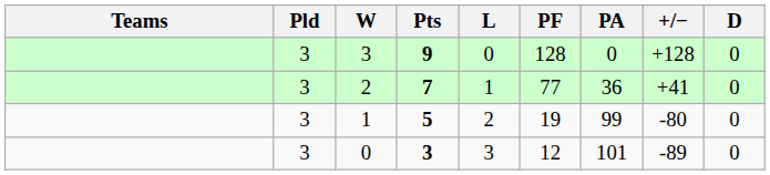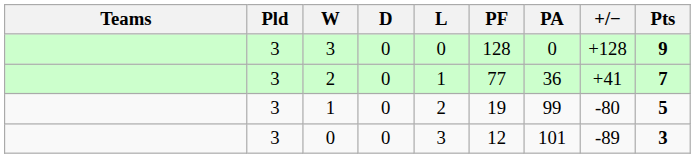 <table class="wikitable" style="text-align: center;">
 <tr>
 <th width="200">Teams</th>
 <th width="40">Pld</th>
 <th width="40">W</th>
-<th width="40">Pts</th>
+<th width="40">D</th>
 <th width="40">L</th>
 <th width="40">PF</th>
 <th width="40">PA</th>
 <th width="40">+/−</th>
-<th width="40">D</th>
+<th width="40">Pts</th>
 </tr>
 <tr bgcolor=#ccffcc>
 <td align=left></td>
 <td>3</td>
 <td>3</td>
-<td><strong>9</strong></td>
+<td>0</td>
 <td>0</td>
 <td>128</td>
 <td>0</td>
 <td>+128</td>
-<td>0</td>
+<td><strong>9</strong></td>
 </tr>
 <tr bgcolor=#ccffcc>
 <td align=left></td>
 <td>3</td>
 <td>2</td>
-<td><strong>7</strong></td>
+<td>0</td>
 <td>1</td>
 <td>77</td>
 <td>36</td>
 <td>+41</td>
-<td>0</td>
+<td><strong>7</strong></td>
 </tr>
 <tr>
 <td align=left></td>
 <td>3</td>
 <td>1</td>
-<td><strong>5</strong></td>
+<td>0</td>
 <td>2</td>
 <td>19</td>
 <td>99</td>
 <td>-80</td>
-<td>0</td>
+<td><strong>5</strong></td>
 </tr>
 <tr>
 <td align=left></td>
 <td>3</td>
 <td>0</td>
-<td><strong>3</strong></td>
+<td>0</td>
 <td>3</td>
 <td>12</td>
 <td>101</td>
 <td>-89</td>
-<td>0</td>
+<td><strong>3</strong></td>
 </tr>
 </table>
